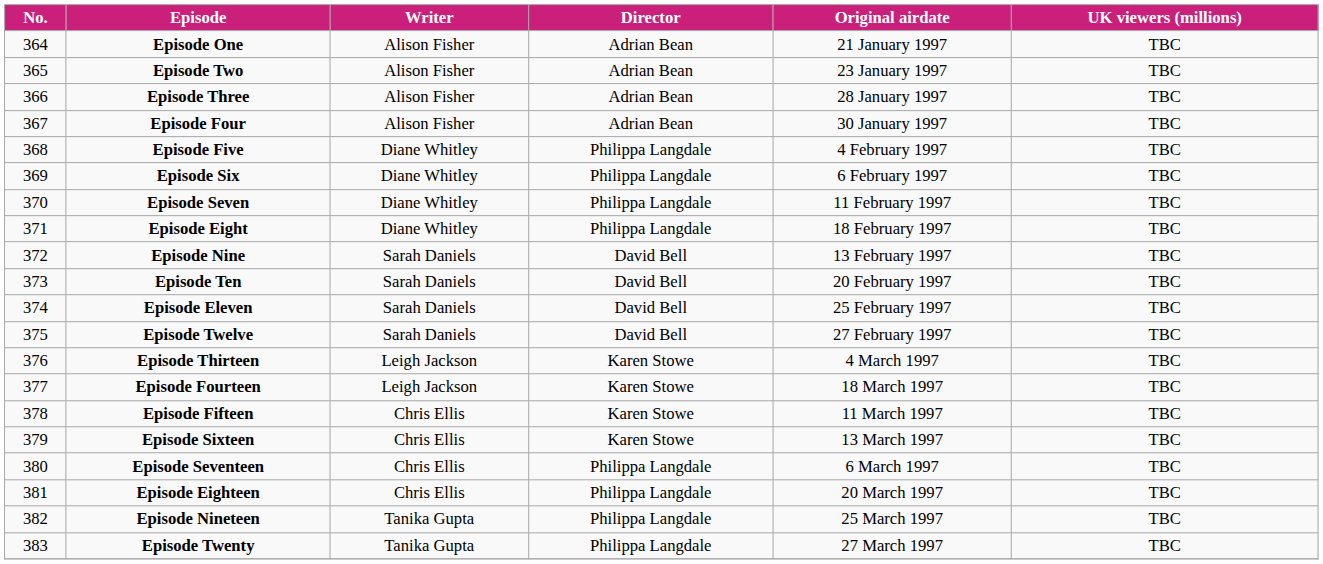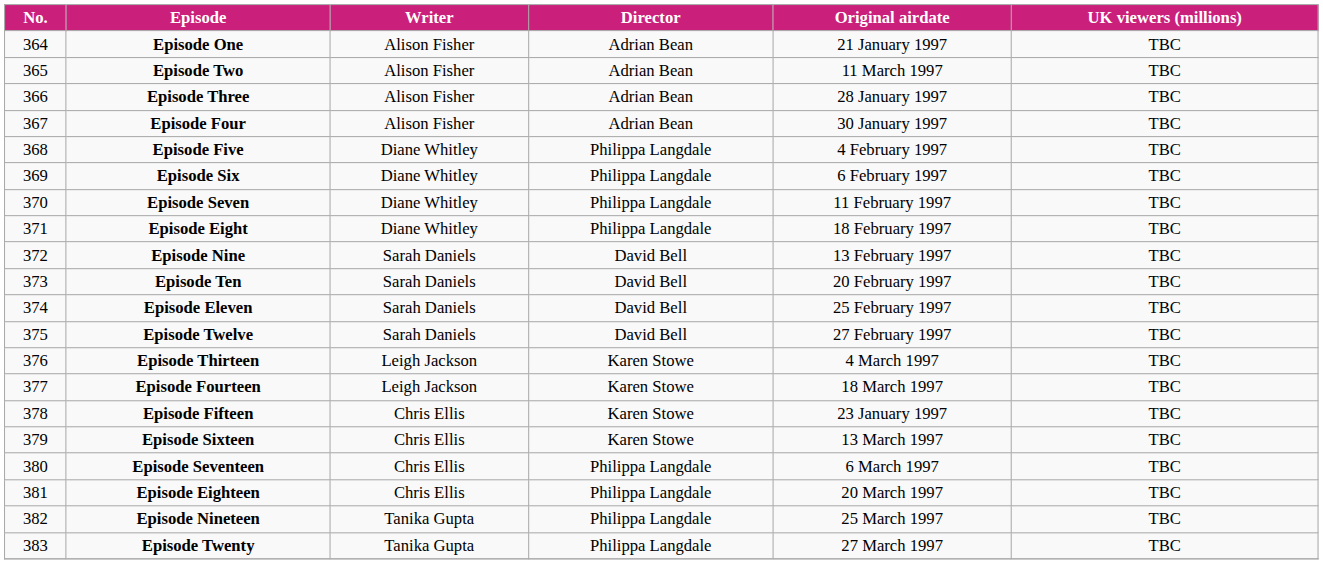 <table class="wikitable" style="width:100%;">
 <tr>
 <th style="background: #CA1F7B; color:white">No.</th>
 <th style="background: #CA1F7B; color:white">Episode</th>
 <th style="background: #CA1F7B; color:white">Writer</th>
 <th style="background: #CA1F7B; color:white">Director</th>
 <th style="background: #CA1F7B; color:white">Original airdate</th>
 <th style="background: #CA1F7B; color:white">UK viewers (millions)</th>
 </tr>
 <tr>
 <td align="center">364</td>
 <td align="center"><strong>Episode One</strong></td>
 <td align="center">Alison Fisher</td>
 <td align="center">Adrian Bean</td>
 <td align="center">21 January 1997</td>
 <td align="center">TBC</td>
 </tr>
 <tr>
 <td align="center">365</td>
 <td align="center"><strong>Episode Two</strong></td>
 <td align="center">Alison Fisher</td>
 <td align="center">Adrian Bean</td>
-<td align="center">23 January 1997</td>
+<td align="center">11 March 1997</td>
 <td align="center">TBC</td>
 </tr>
 <tr>
 <td align="center">366</td>
 <td align="center"><strong>Episode Three</strong></td>
 <td align="center">Alison Fisher</td>
 <td align="center">Adrian Bean</td>
 <td align="center">28 January 1997</td>
 <td align="center">TBC</td>
 </tr>
 <tr>
 <td align="center">367</td>
 <td align="center"><strong>Episode Four</strong></td>
 <td align="center">Alison Fisher</td>
 <td align="center">Adrian Bean</td>
 <td align="center">30 January 1997</td>
 <td align="center">TBC</td>
 </tr>
 <tr>
 <td align="center">368</td>
 <td align="center"><strong>Episode Five</strong></td>
 <td align="center">Diane Whitley</td>
 <td align="center">Philippa Langdale</td>
 <td align="center">4 February 1997</td>
 <td align="center">TBC</td>
 </tr>
 <tr>
 <td align="center">369</td>
 <td align="center"><strong>Episode Six</strong></td>
 <td align="center">Diane Whitley</td>
 <td align="center">Philippa Langdale</td>
 <td align="center">6 February 1997</td>
 <td align="center">TBC</td>
 </tr>
 <tr>
 <td align="center">370</td>
 <td align="center"><strong>Episode Seven</strong></td>
 <td align="center">Diane Whitley</td>
 <td align="center">Philippa Langdale</td>
 <td align="center">11 February 1997</td>
 <td align="center">TBC</td>
 </tr>
 <tr>
 <td align="center">371</td>
 <td align="center"><strong>Episode Eight</strong></td>
 <td align="center">Diane Whitley</td>
 <td align="center">Philippa Langdale</td>
 <td align="center">18 February 1997</td>
 <td align="center">TBC</td>
 </tr>
 <tr>
 <td align="center">372</td>
 <td align="center"><strong>Episode Nine</strong></td>
 <td align="center">Sarah Daniels</td>
 <td align="center">David Bell</td>
 <td align="center">13 February 1997</td>
 <td align="center">TBC</td>
 </tr>
 <tr>
 <td align="center">373</td>
 <td align="center"><strong>Episode Ten</strong></td>
 <td align="center">Sarah Daniels</td>
 <td align="center">David Bell</td>
 <td align="center">20 February 1997</td>
 <td align="center">TBC</td>
 </tr>
 <tr>
 <td align="center">374</td>
 <td align="center"><strong>Episode Eleven</strong></td>
 <td align="center">Sarah Daniels</td>
 <td align="center">David Bell</td>
 <td align="center">25 February 1997</td>
 <td align="center">TBC</td>
 </tr>
 <tr>
 <td align="center">375</td>
 <td align="center"><strong>Episode Twelve</strong></td>
 <td align="center">Sarah Daniels</td>
 <td align="center">David Bell</td>
 <td align="center">27 February 1997</td>
 <td align="center">TBC</td>
 </tr>
 <tr>
 <td align="center">376</td>
 <td align="center"><strong>Episode Thirteen</strong></td>
 <td align="center">Leigh Jackson</td>
 <td align="center">Karen Stowe</td>
 <td align="center">4 March 1997</td>
 <td align="center">TBC</td>
 </tr>
 <tr>
 <td align="center">377</td>
 <td align="center"><strong>Episode Fourteen</strong></td>
 <td align="center">Leigh Jackson</td>
 <td align="center">Karen Stowe</td>
 <td align="center">18 March 1997</td>
 <td align="center">TBC</td>
 </tr>
 <tr>
 <td align="center">378</td>
 <td align="center"><strong>Episode Fifteen</strong></td>
 <td align="center">Chris Ellis</td>
 <td align="center">Karen Stowe</td>
-<td align="center">11 March 1997</td>
+<td align="center">23 January 1997</td>
 <td align="center">TBC</td>
 </tr>
 <tr>
 <td align="center">379</td>
 <td align="center"><strong>Episode Sixteen</strong></td>
 <td align="center">Chris Ellis</td>
 <td align="center">Karen Stowe</td>
 <td align="center">13 March 1997</td>
 <td align="center">TBC</td>
 </tr>
 <tr>
 <td align="center">380</td>
 <td align="center"><strong>Episode Seventeen</strong></td>
 <td align="center">Chris Ellis</td>
 <td align="center">Philippa Langdale</td>
 <td align="center">6 March 1997</td>
 <td align="center">TBC</td>
 </tr>
 <tr>
 <td align="center">381</td>
 <td align="center"><strong>Episode Eighteen</strong></td>
 <td align="center">Chris Ellis</td>
 <td align="center">Philippa Langdale</td>
 <td align="center">20 March 1997</td>
 <td align="center">TBC</td>
 </tr>
 <tr>
 <td align="center">382</td>
 <td align="center"><strong>Episode Nineteen</strong></td>
 <td align="center">Tanika Gupta</td>
 <td align="center">Philippa Langdale</td>
 <td align="center">25 March 1997</td>
 <td align="center">TBC</td>
 </tr>
 <tr>
 <td align="center">383</td>
 <td align="center"><strong>Episode Twenty</strong></td>
 <td align="center">Tanika Gupta</td>
 <td align="center">Philippa Langdale</td>
 <td align="center">27 March 1997</td>
 <td align="center">TBC</td>
 </tr>
 <tr>
 </tr>
 </table>
